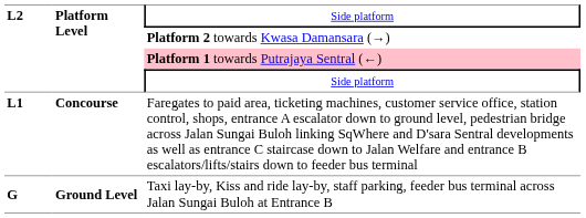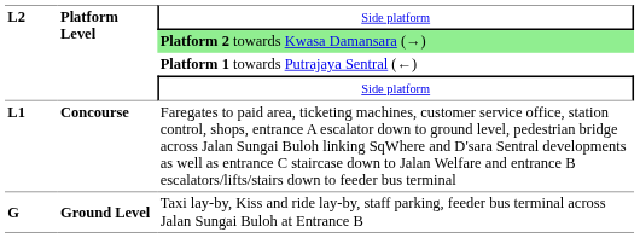 <table table border=0 cellspacing=0 cellpadding=3>
 <tr>
 <td style="border-top:solid 1px gray;border-bottom:solid 1px gray;" rowspan=4 width=50 valign=top><strong>L2</strong></td>
 <td style="border-top:solid 1px gray;border-bottom:solid 1px gray;" rowspan=4 width=100 valign=top><strong>Platform Level</strong></td>
 <td style="width=500;border-top:solid 1px gray;border-right:solid 2px black;border-left:solid 2px black;border-bottom:solid 2px black;text-align:center;" colspan=1><small><a href='#'>Side platform</a></small></td>
 </tr>
 <tr>
-<td width=500><strong>Platform 2</strong>   towards <a href='#'> Kwasa Damansara</a>  (→)</td>
+<td width=500 style="background: lightgreen;"><strong>Platform 2</strong>   towards <a href='#'> Kwasa Damansara</a>  (→)</td>
 </tr>
 <tr>
-<td width=500 style="background: pink;"><strong>Platform 1</strong>   towards <a href='#'>Putrajaya Sentral</a>  (←)</td>
+<td width=500><strong>Platform 1</strong>   towards <a href='#'>Putrajaya Sentral</a>  (←)</td>
 </tr>
 <tr>
 <td style="width=500;border-top:solid 2px black;border-right:solid 2px black;border-left:solid 2px black;border-bottom:solid 1px gray;text-align:center;" colspan=1><small><a href='#'>Side platform</a></small></td>
 </tr>
 <tr style="vertical-align:top;">
 <td style="border-bottom:solid 1px gray; "><strong>L1</strong></td>
 <td style="border-bottom:solid 1px gray; "><strong>Concourse</strong></td>
 <td style="border-bottom:solid 1px gray; " width=500>Faregates to paid area, ticketing machines, customer service office, station control, shops, entrance A escalator down to ground level, pedestrian bridge across Jalan Sungai Buloh linking SqWhere and D'sara Sentral developments as well as entrance C staircase down to Jalan Welfare and entrance B escalators/lifts/stairs down to feeder bus terminal</td>
 </tr>
 <tr>
 <td style="border-bottom:solid 1px gray; "><strong>G</strong></td>
 <td style="border-bottom:solid 1px gray; "><strong>Ground Level</strong></td>
 <td style="border-bottom:solid 1px gray; ">Taxi lay-by, Kiss and ride lay-by, staff parking, feeder bus terminal across Jalan Sungai Buloh at Entrance B</td>
 </tr>
 </table>
